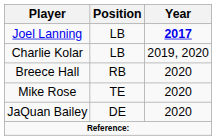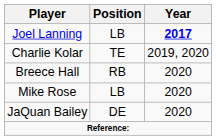 <table class="wikitable" style="text-align: center">
 <tr align=center>
 <th>Player</th>
 <th>Position</th>
 <th>Year</th>
 </tr>
 <tr align=center>
 <td><a href='#'>Joel Lanning</a></td>
 <td>LB</td>
 <td><strong><a href='#'>2017</a></strong></td>
 </tr>
 <tr>
 <td>Charlie Kolar</td>
-<td>LB</td>
+<td>TE</td>
 <td>2019, 2020</td>
 </tr>
 <tr>
 <td>Breece Hall</td>
 <td>RB</td>
 <td>2020</td>
 </tr>
 <tr>
 <td>Mike Rose</td>
-<td>TE</td>
+<td>LB</td>
 <td>2020</td>
 </tr>
 <tr>
 <td>JaQuan Bailey</td>
 <td>DE</td>
 <td>2020</td>
 </tr>
 <tr align="center">
 <td colspan="5" style="font-size:8pt; text-align:center;"><strong>Reference:</strong></td>
 </tr>
 </table>
